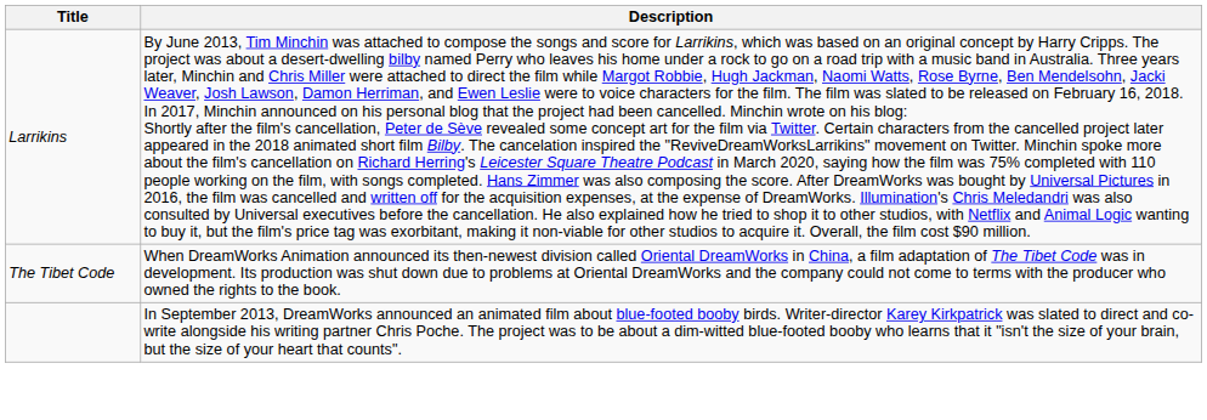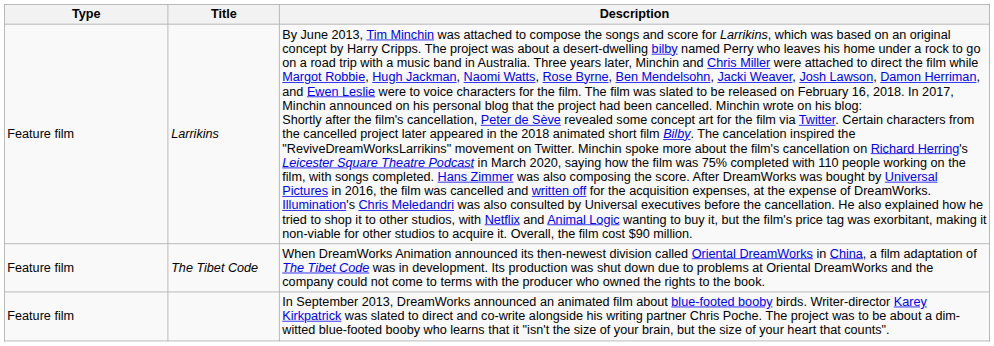 <table class="wikitable">
 <tr>
+<th style="width:150pt;">Type</th>
 <th style="width:100pt;">Title</th>
 <th>Description</th>
 </tr>
 <tr>
+<td>Feature film</td>
 <td><em>Larrikins</em></td>
 <td>By June 2013, <a href='#'>Tim Minchin</a> was attached to compose the songs and score for <em>Larrikins</em>, which was based on an original concept by Harry Cripps. The project was about a desert-dwelling <a href='#'>bilby</a> named Perry who leaves his home under a rock to go on a road trip with a music band in Australia. Three years later, Minchin and <a href='#'>Chris Miller</a> were attached to direct the film while <a href='#'>Margot Robbie</a>, <a href='#'>Hugh Jackman</a>, <a href='#'>Naomi Watts</a>, <a href='#'>Rose Byrne</a>, <a href='#'>Ben Mendelsohn</a>, <a href='#'>Jacki Weaver</a>, <a href='#'>Josh Lawson</a>, <a href='#'>Damon Herriman</a>, and <a href='#'>Ewen Leslie</a> were to voice characters for the film. The film was slated to be released on February 16, 2018. In 2017, Minchin announced on his personal blog that the project had been cancelled. Minchin wrote on his blog:<br> Shortly after the film's cancellation, <a href='#'>Peter de Sève</a> revealed some concept art for the film via <a href='#'>Twitter</a>. Certain characters from the cancelled project later appeared in the 2018 animated short film <em><a href='#'>Bilby</a></em>. The cancelation inspired the "ReviveDreamWorksLarrikins" movement on Twitter. Minchin spoke more about the film's cancellation on <a href='#'>Richard Herring</a>'s <em><a href='#'>Leicester Square Theatre Podcast</a></em> in March 2020, saying how the film was 75% completed with 110 people working on the film, with songs completed. <a href='#'>Hans Zimmer</a> was also composing the score. After DreamWorks was bought by <a href='#'>Universal Pictures</a> in 2016, the film was cancelled and <a href='#'>written off</a> for the acquisition expenses, at the expense of DreamWorks. <a href='#'>Illumination</a>'s <a href='#'>Chris Meledandri</a> was also consulted by Universal executives before the cancellation. He also explained how he tried to shop it to other studios, with <a href='#'>Netflix</a> and <a href='#'>Animal Logic</a> wanting to buy it, but the film's price tag was exorbitant, making it non-viable for other studios to acquire it. Overall, the film cost $90 million.</td>
 </tr>
 <tr>
+<td>Feature film</td>
 <td><em>The Tibet Code</em></td>
 <td>When DreamWorks Animation announced its then-newest division called <a href='#'>Oriental DreamWorks</a> in <a href='#'>China</a>, a film adaptation of <em><a href='#'>The Tibet Code</a></em> was in development. Its production was shut down due to problems at Oriental DreamWorks and the company could not come to terms with the producer who owned the rights to the book.</td>
 </tr>
 <tr>
+<td>Feature film</td>
 <td></td>
 <td>In September 2013, DreamWorks announced an animated film about <a href='#'>blue-footed booby</a> birds. Writer-director <a href='#'>Karey Kirkpatrick</a> was slated to direct and co-write alongside his writing partner Chris Poche. The project was to be about a dim-witted blue-footed booby who learns that it "isn't the size of your brain, but the size of your heart that counts".</td>
 </tr>
 </table>
